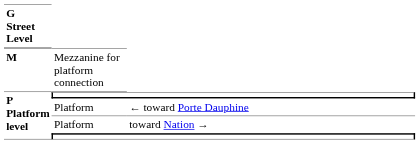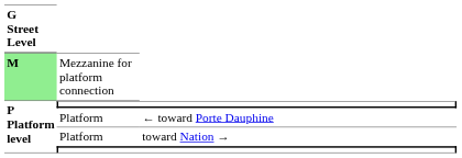 <table border=0 cellspacing=0 cellpadding=3>
 <tr>
 <td style="border-bottom:solid 1px gray;border-top:solid 1px gray;" width=50 valign=top><strong>G<br>Street Level</strong></td>
 </tr>
 <tr>
-<td style="border-bottom:solid 1px gray;border-top:solid 1px gray;" valign=top><strong>M</strong></td>
+<td style="background: lightgreen; border-bottom:solid 1px gray;border-top:solid 1px gray;" valign=top><strong>M</strong></td>
 <td style="border-top:solid 1px gray;border-bottom:solid 1px gray;" width=100 valign=top>Mezzanine for platform connection</td>
 </tr>
 <tr>
 <td style="border-bottom:solid 1px gray;" rowspan=5 valign=top><strong>P<br>Platform level</strong></td>
 <td style="border-top:solid 1px gray;border-right:solid 2px black;border-left:solid 2px black;border-bottom:solid 2px black;text-align:center;" colspan=2></td>
 </tr>
 <tr>
 <td style="border-bottom:solid 1px gray;" width=100>Platform </td>
 <td style="border-bottom:solid 1px gray;" width=400>←   toward <a href='#'>Porte Dauphine</a> </td>
 </tr>
 <tr>
 <td>Platform </td>
 <td>   toward <a href='#'>Nation</a>  →</td>
 </tr>
 <tr>
 <td style="border-top:solid 2px black;border-right:solid 2px black;border-left:solid 2px black;border-bottom:solid 1px gray;text-align:center;" colspan=2></td>
 </tr>
 </table>
